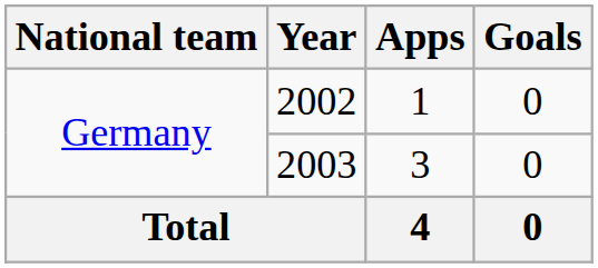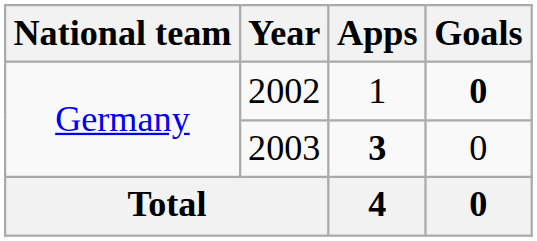 <table class="wikitable" style="text-align: center;">
 <tr>
 <th>National team</th>
 <th>Year</th>
 <th>Apps</th>
 <th>Goals</th>
 </tr>
 <tr>
 <td rowspan="2"><a href='#'>Germany</a></td>
 <td>2002</td>
 <td>1</td>
-<td>0</td>
+<td><strong>0</strong></td>
 </tr>
 <tr>
 <td>2003</td>
-<td>3</td>
+<td><strong>3</strong></td>
 <td>0</td>
 </tr>
 <tr>
 <th colspan="2">Total</th>
 <th>4</th>
 <th>0</th>
 </tr>
 </table>
